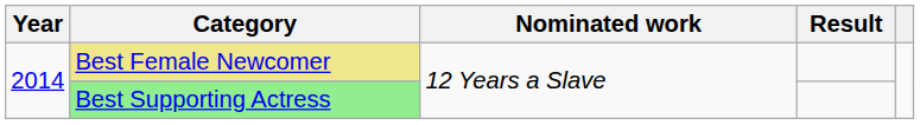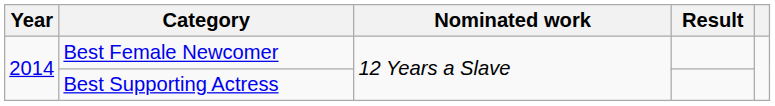 <table class=wikitable>
 <tr>
 <th scope="col" style="width:1em;">Year</th>
 <th scope="col" style="width:36em;">Category</th>
 <th scope="col" style="width:39em;">Nominated work</th>
 <th scope="col" style="width:5em;">Result</th>
 <th scope="col" style="width:1em;"></th>
 </tr>
 <tr>
 <td rowspan="2"><a href='#'>2014</a></td>
-<td style="background: khaki;"><a href='#'>Best Female Newcomer</a></td>
+<td><a href='#'>Best Female Newcomer</a></td>
 <td rowspan="2"><em>12 Years a Slave</em></td>
 <td></td>
 <td rowspan="2"></td>
 </tr>
 <tr>
-<td style="background: lightgreen;"><a href='#'>Best Supporting Actress</a></td>
+<td><a href='#'>Best Supporting Actress</a></td>
 <td></td>
 </tr>
 </table>
